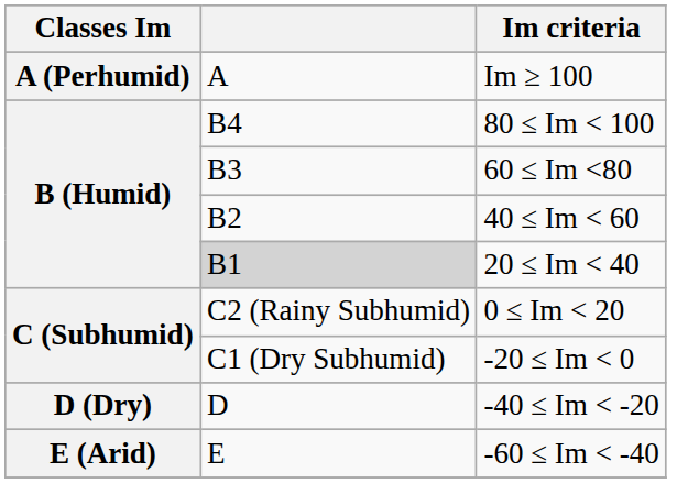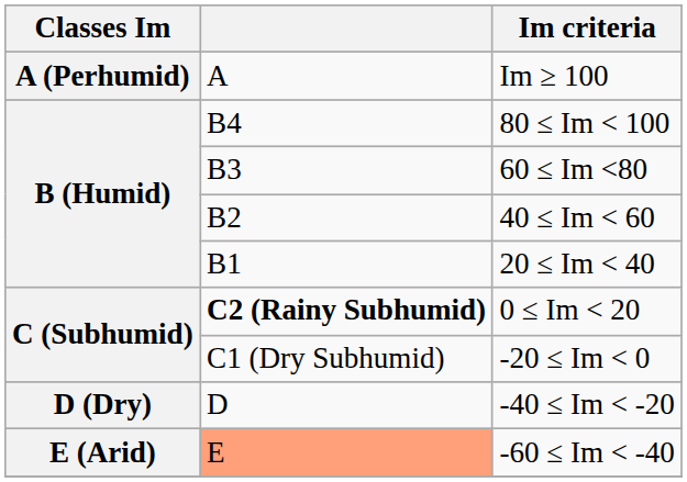 <table class="wikitable floatright">
 <tr>
 <th scope="col">Classes Im</th>
 <th scope="col"></th>
 <th scope="col">Im criteria</th>
 </tr>
 <tr>
 <th scope="row"  rowspan="1">A (Perhumid)</th>
 <td>A</td>
 <td>Im ≥ 100</td>
 </tr>
 <tr>
 <th scope="row"  rowspan="4">B (Humid)</th>
 <td>B4</td>
 <td>80 ≤ Im < 100</td>
 </tr>
 <tr>
 <td>B3</td>
 <td>60 ≤ Im <80</td>
 </tr>
 <tr>
 <td>B2</td>
 <td>40 ≤ Im < 60</td>
 </tr>
 <tr>
-<td style="background: lightgrey;">B1</td>
+<td>B1</td>
 <td>20 ≤ Im < 40</td>
 </tr>
 <tr>
 <th scope="row"  rowspan="2">C (Subhumid)</th>
-<td>C2 (Rainy Subhumid)</td>
+<td><strong>C2 (Rainy Subhumid)</strong></td>
 <td>0 ≤ Im < 20</td>
 </tr>
 <tr>
 <td>C1 (Dry Subhumid)</td>
 <td>-20 ≤ Im < 0</td>
 </tr>
 <tr>
 <th scope="row"  rowspan="1">D (Dry)</th>
 <td>D</td>
 <td>-40 ≤ Im < -20</td>
 </tr>
 <tr>
 <th scope="row"  rowspan="1">E (Arid)</th>
-<td>E</td>
+<td style="background: lightsalmon;">E</td>
 <td>-60 ≤ Im < -40</td>
 </tr>
 <tr>
 </tr>
 </table>
